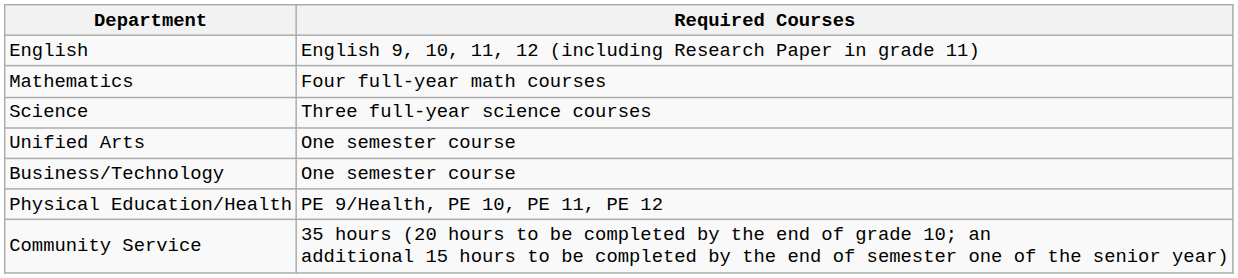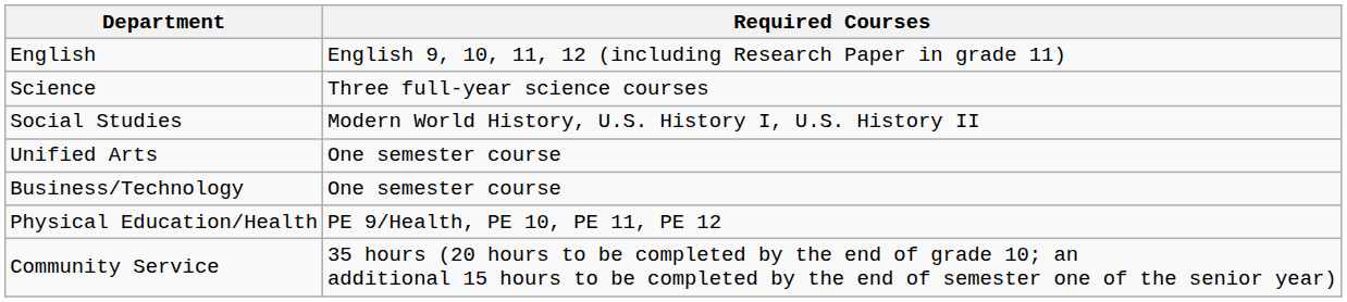 <table class="wikitable">
 <tr>
 <th>Department</th>
 <th>Required Courses</th>
 </tr>
 <tr>
 <td>English</td>
 <td>English 9, 10, 11, 12 (including Research Paper in grade 11)</td>
 </tr>
 <tr>
-<td>Mathematics</td>
-<td>Four full-year math courses</td>
+<td>Science</td>
+<td>Three full-year science courses</td>
 </tr>
 <tr>
-<td>Science</td>
-<td>Three full-year science courses</td>
+<td>Social Studies</td>
+<td>Modern World History, U.S. History I, U.S. History II</td>
 </tr>
 <tr>
 <td>Unified Arts</td>
 <td>One semester course</td>
 </tr>
 <tr>
 <td>Business/Technology</td>
 <td>One semester course</td>
 </tr>
 <tr>
 <td>Physical Education/Health</td>
 <td>PE 9/Health, PE 10, PE 11, PE 12</td>
 </tr>
 <tr>
 <td>Community Service</td>
 <td>35 hours (20 hours to be completed by the end of grade 10; an<br>additional 15 hours to be completed by the end of semester one of  the senior year)</td>
 </tr>
 </table>
